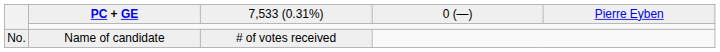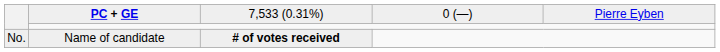 <table class="wikitable collapsible collapsed" style=text-align:left;font-size:90%>
 <tr>
 <th rowspan=2></th>
 <td bgcolor=efefef width=200 align=center><strong> <a href='#'>PC</a> + <a href='#'>GE</a></strong></td>
 <td bgcolor=efefef width=200 align=center>7,533 (0.31%)</td>
 <td bgcolor=efefef width=200 align=center>0 (—)</td>
 <td bgcolor=efefef width=200 align=center><a href='#'>Pierre Eyben</a></td>
 </tr>
 <tr>
 <td colspan=4 bgcolor=></td>
 </tr>
 <tr>
 <td bgcolor=efefef align=center>No.</td>
 <td bgcolor=efefef align=center>Name of candidate</td>
-<td bgcolor=efefef align=center># of votes received</td>
+<td bgcolor=efefef align=center><strong># of votes received</strong></td>
 </tr>
 </table>
